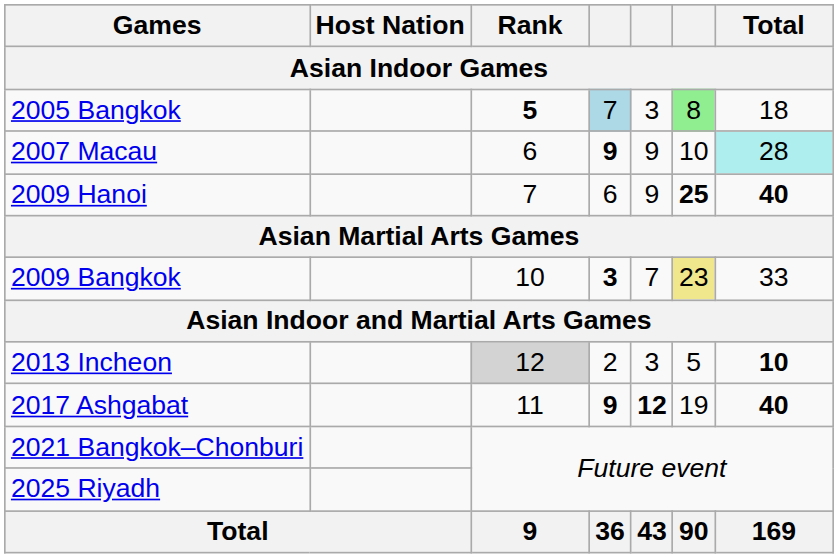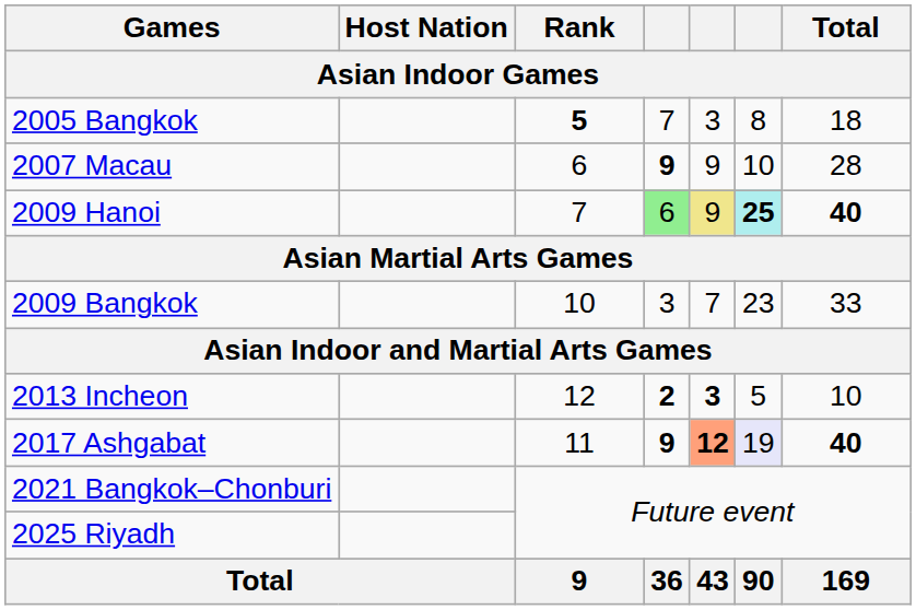 <table class="wikitable sortable" style="margin-top:0em; text-align:center; font-size:100%;">
 <tr>
 <th>Games</th>
 <th>Host Nation</th>
 <th style="width:4em;">Rank<br></th>
 <th></th>
 <th></th>
 <th></th>
 <th style="width:4em;">Total</th>
 </tr>
 <tr>
 <th colspan=7><strong>Asian Indoor Games</strong></th>
 </tr>
 <tr>
 <td align=left><a href='#'>2005 Bangkok</a></td>
 <td></td>
 <td><strong>5</strong></td>
-<td style="background: lightblue;">7</td>
+<td>7</td>
 <td>3</td>
-<td style="background: lightgreen;">8</td>
+<td>8</td>
 <td>18</td>
 </tr>
 <tr>
 <td align=left><a href='#'>2007 Macau</a></td>
 <td></td>
 <td>6</td>
 <td><strong>9</strong></td>
 <td>9</td>
 <td>10</td>
-<td style="background: paleturquoise;">28</td>
+<td>28</td>
 </tr>
 <tr>
 <td align=left><a href='#'>2009 Hanoi</a></td>
 <td></td>
 <td>7</td>
-<td>6</td>
-<td>9</td>
-<td><strong>25</strong></td>
+<td style="background: lightgreen;">6</td>
+<td style="background: khaki;">9</td>
+<td style="background: paleturquoise;"><strong>25</strong></td>
 <td><strong>40</strong></td>
 </tr>
 <tr>
 <th colspan=7><strong>Asian Martial Arts Games</strong></th>
 </tr>
 <tr>
 <td align=left><a href='#'>2009 Bangkok</a></td>
 <td></td>
 <td>10</td>
-<td><strong>3</strong></td>
+<td>3</td>
 <td>7</td>
-<td style="background: khaki;">23</td>
+<td>23</td>
 <td>33</td>
 </tr>
 <tr>
 <th colspan=7><strong>Asian Indoor and Martial Arts Games</strong></th>
 </tr>
 <tr>
 <td align=left><a href='#'>2013 Incheon</a></td>
 <td></td>
-<td style="background: lightgrey;">12</td>
-<td>2</td>
-<td>3</td>
+<td>12</td>
+<td><strong>2</strong></td>
+<td><strong>3</strong></td>
 <td>5</td>
-<td><strong>10</strong></td>
+<td>10</td>
 </tr>
 <tr>
 <td align=left><a href='#'>2017 Ashgabat</a></td>
 <td></td>
 <td>11</td>
 <td><strong>9</strong></td>
-<td><strong>12</strong></td>
-<td>19</td>
+<td style="background: lightsalmon;"><strong>12</strong></td>
+<td style="background: lavender;">19</td>
 <td><strong>40</strong></td>
 </tr>
 <tr>
 <td align=left><a href='#'>2021 Bangkok–Chonburi</a></td>
 <td></td>
 <td colspan=5 rowspan=2><em>Future event</em></td>
 </tr>
 <tr>
 <td align=left><a href='#'>2025 Riyadh</a></td>
 <td></td>
 </tr>
 <tr>
 <th colspan=2>Total</th>
 <th>9</th>
 <th>36</th>
 <th>43</th>
 <th>90</th>
 <th>169</th>
 </tr>
 </table>
